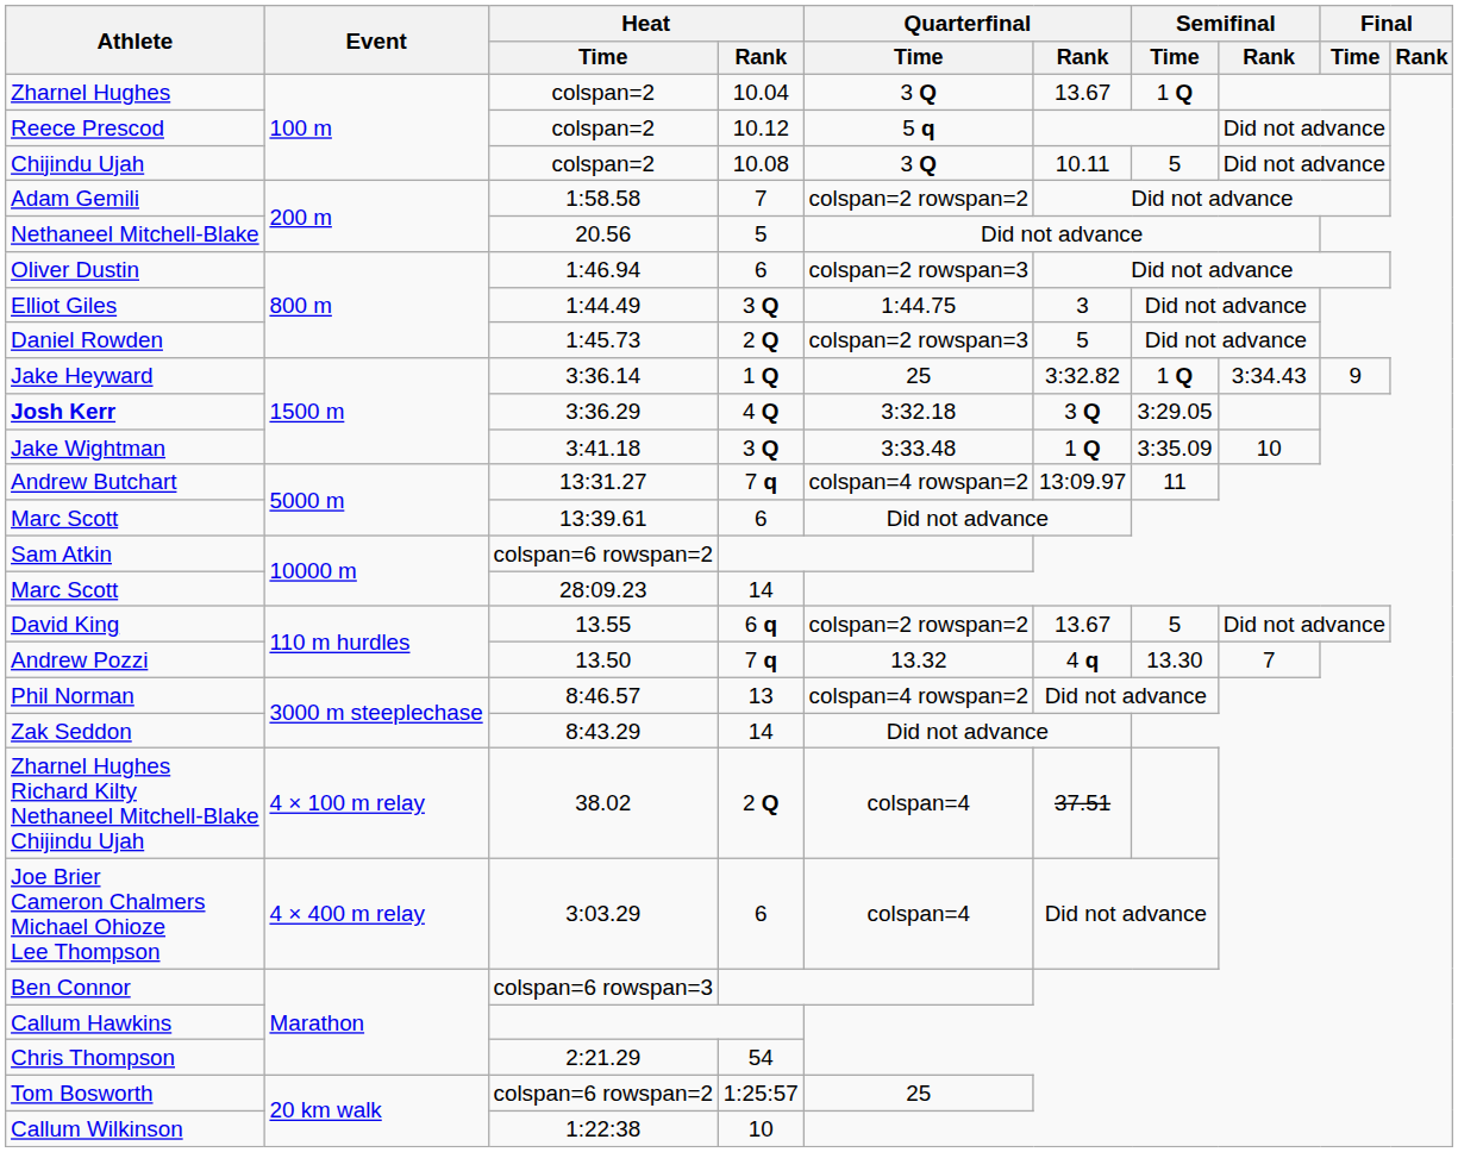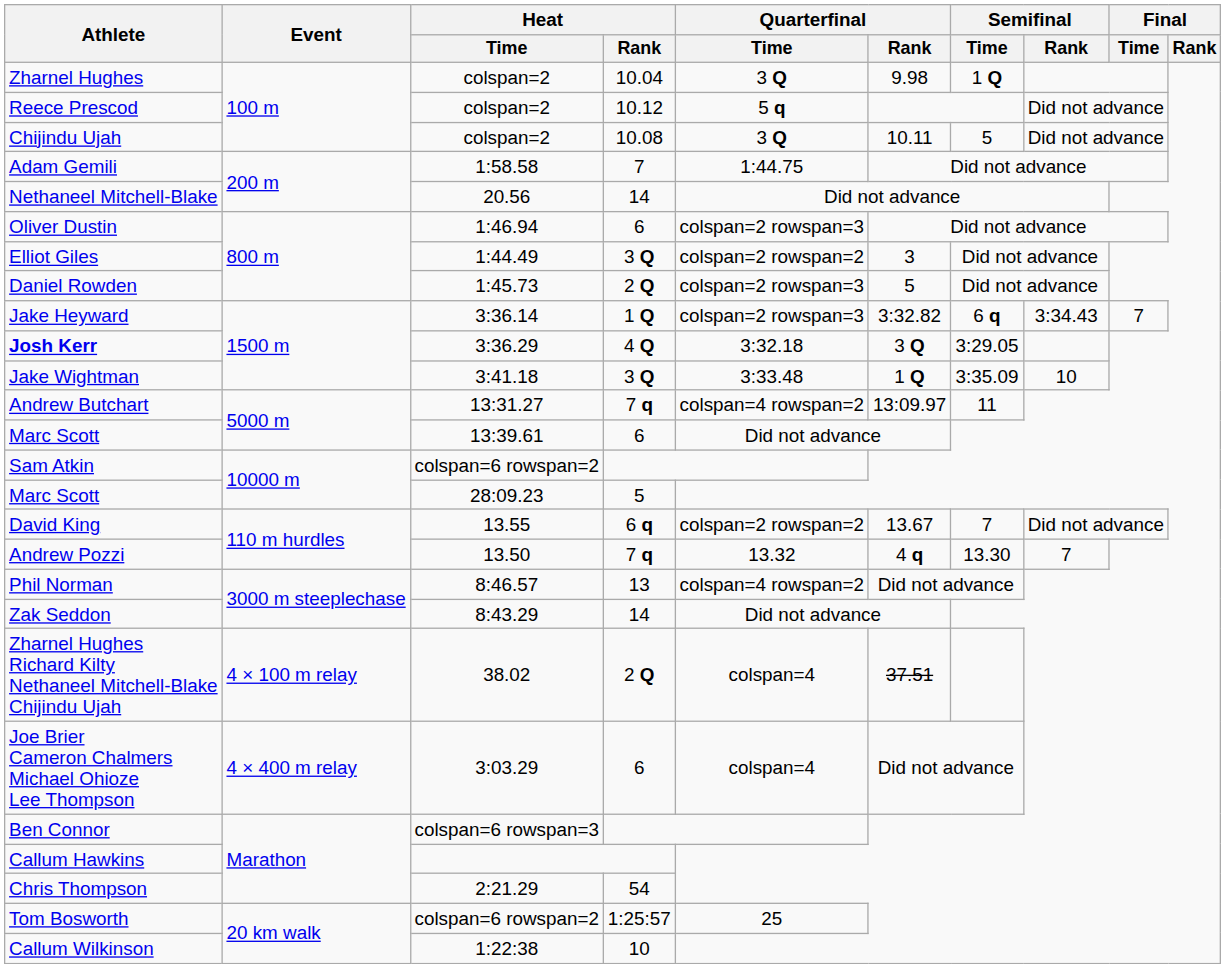 <table class=wikitable style=font-size:90%;text-align:center>
 <tr>
 <th rowspan=2>Athlete</th>
 <th rowspan=2>Event</th>
 <th colspan=2>Heat</th>
 <th colspan=2>Quarterfinal</th>
 <th colspan=2>Semifinal</th>
 <th colspan=2>Final</th>
 </tr>
 <tr style=font-size:95%>
 <th>Time</th>
 <th>Rank</th>
 <th>Time</th>
 <th>Rank</th>
 <th>Time</th>
 <th>Rank</th>
 <th>Time</th>
 <th>Rank</th>
 </tr>
 <tr>
 <td align=left><a href='#'>Zharnel Hughes</a></td>
 <td align=left rowspan=3><a href='#'>100 m</a></td>
 <td>colspan=2 </td>
 <td>10.04</td>
 <td>3 <strong>Q</strong></td>
-<td>13.67</td>
+<td>9.98</td>
 <td>1 <strong>Q</strong></td>
 <td colspan=2></td>
 </tr>
 <tr>
 <td align=left><a href='#'>Reece Prescod</a></td>
 <td>colspan=2 </td>
 <td>10.12</td>
 <td>5 <strong>q</strong></td>
 <td colspan=2></td>
 <td colspan=2>Did not advance</td>
 </tr>
 <tr>
 <td align=left><a href='#'>Chijindu Ujah</a></td>
 <td>colspan=2 </td>
 <td>10.08</td>
 <td>3 <strong>Q</strong></td>
 <td>10.11</td>
 <td>5</td>
 <td colspan=2>Did not advance</td>
 </tr>
 <tr>
 <td align=left><a href='#'>Adam Gemili</a></td>
 <td align=left rowspan=2><a href='#'>200 m</a></td>
 <td>1:58.58</td>
 <td>7</td>
-<td>colspan=2 rowspan=2 </td>
+<td>1:44.75</td>
 <td colspan=4>Did not advance</td>
 </tr>
 <tr>
 <td align=left><a href='#'>Nethaneel Mitchell-Blake</a></td>
 <td>20.56</td>
-<td>5</td>
+<td>14</td>
 <td colspan=4>Did not advance</td>
 </tr>
 <tr>
 <td align=left><a href='#'>Oliver Dustin</a></td>
 <td align=left rowspan=3><a href='#'>800 m</a></td>
 <td>1:46.94</td>
 <td>6</td>
 <td>colspan=2 rowspan=3 </td>
 <td colspan=4>Did not advance</td>
 </tr>
 <tr>
 <td align=left><a href='#'>Elliot Giles</a></td>
 <td>1:44.49</td>
 <td>3 <strong>Q</strong></td>
-<td>1:44.75</td>
+<td>colspan=2 rowspan=2 </td>
 <td>3</td>
 <td colspan=2>Did not advance</td>
 </tr>
 <tr>
 <td align=left><a href='#'>Daniel Rowden</a></td>
 <td>1:45.73</td>
 <td>2 <strong>Q</strong></td>
 <td>colspan=2 rowspan=3 </td>
 <td>5</td>
 <td colspan=2>Did not advance</td>
 </tr>
 <tr>
 <td align=left><a href='#'>Jake Heyward</a></td>
 <td align=left rowspan=3><a href='#'>1500 m</a></td>
 <td>3:36.14</td>
 <td>1 <strong>Q</strong></td>
-<td>25</td>
+<td>colspan=2 rowspan=3 </td>
 <td>3:32.82</td>
-<td>1 <strong>Q</strong></td>
+<td>6 <strong>q</strong></td>
 <td>3:34.43</td>
-<td>9</td>
+<td>7</td>
 </tr>
 <tr>
 <td align=left><strong><a href='#'>Josh Kerr</a></strong></td>
 <td>3:36.29</td>
 <td>4 <strong>Q</strong></td>
 <td>3:32.18</td>
 <td>3 <strong>Q</strong></td>
 <td>3:29.05</td>
 <td></td>
 </tr>
 <tr>
 <td align=left><a href='#'>Jake Wightman</a></td>
 <td>3:41.18</td>
 <td>3 <strong>Q</strong></td>
 <td>3:33.48</td>
 <td>1 <strong>Q</strong></td>
 <td>3:35.09</td>
 <td>10</td>
 </tr>
 <tr>
 <td align=left><a href='#'>Andrew Butchart</a></td>
 <td align=left rowspan=2><a href='#'>5000 m</a></td>
 <td>13:31.27</td>
 <td>7 <strong>q</strong></td>
 <td>colspan=4 rowspan=2 </td>
 <td>13:09.97</td>
 <td>11</td>
 </tr>
 <tr>
 <td align=left><a href='#'>Marc Scott</a></td>
 <td>13:39.61</td>
 <td>6</td>
 <td colspan=2>Did not advance</td>
 </tr>
 <tr>
 <td align=left><a href='#'>Sam Atkin</a></td>
 <td align=left rowspan=2><a href='#'>10000 m</a></td>
 <td>colspan=6 rowspan=2 </td>
 <td colspan=2></td>
 </tr>
 <tr>
 <td align=left><a href='#'>Marc Scott</a></td>
 <td>28:09.23</td>
-<td>14</td>
+<td>5</td>
 </tr>
 <tr>
 <td align=left><a href='#'>David King</a></td>
 <td align=left rowspan=2><a href='#'>110 m hurdles</a></td>
 <td>13.55</td>
 <td>6 <strong>q</strong></td>
 <td>colspan=2 rowspan=2 </td>
 <td>13.67</td>
-<td>5</td>
+<td>7</td>
 <td colspan=2>Did not advance</td>
 </tr>
 <tr>
 <td align=left><a href='#'>Andrew Pozzi</a></td>
 <td>13.50</td>
 <td>7 <strong>q</strong></td>
 <td>13.32</td>
 <td>4 <strong>q</strong></td>
 <td>13.30</td>
 <td>7</td>
 </tr>
 <tr>
 <td align=left><a href='#'>Phil Norman</a></td>
 <td align=left rowspan=2><a href='#'>3000 m steeplechase</a></td>
 <td>8:46.57</td>
 <td>13</td>
 <td>colspan=4 rowspan=2 </td>
 <td colspan=2>Did not advance</td>
 </tr>
 <tr>
 <td align=left><a href='#'>Zak Seddon</a></td>
 <td>8:43.29</td>
 <td>14</td>
 <td colspan=2>Did not advance</td>
 </tr>
 <tr>
 <td align=left><a href='#'>Zharnel Hughes</a><br><a href='#'>Richard Kilty</a><br><a href='#'>Nethaneel Mitchell-Blake</a><br><a href='#'>Chijindu Ujah</a></td>
 <td align=left><a href='#'>4 × 100 m relay</a></td>
 <td>38.02</td>
 <td>2 <strong>Q</strong></td>
 <td>colspan=4 </td>
 <td><s>37.51</s></td>
 <td></td>
 </tr>
 <tr>
 <td align=left><a href='#'>Joe Brier</a><br><a href='#'>Cameron Chalmers</a><br><a href='#'>Michael Ohioze</a><br><a href='#'>Lee Thompson</a></td>
 <td align=left><a href='#'>4 × 400 m relay</a></td>
 <td>3:03.29</td>
 <td>6</td>
 <td>colspan=4 </td>
 <td colspan=2>Did not advance</td>
 </tr>
 <tr>
 <td align=left><a href='#'>Ben Connor</a></td>
 <td align=left rowspan=3><a href='#'>Marathon</a></td>
 <td>colspan=6 rowspan=3 </td>
 <td colspan=2></td>
 </tr>
 <tr>
 <td align=left><a href='#'>Callum Hawkins</a></td>
 <td colspan=2></td>
 </tr>
 <tr>
 <td align=left><a href='#'>Chris Thompson</a></td>
 <td>2:21.29</td>
 <td>54</td>
 </tr>
 <tr>
 <td align=left><a href='#'>Tom Bosworth</a></td>
 <td align=left rowspan=2><a href='#'>20 km walk</a></td>
 <td>colspan=6 rowspan=2 </td>
 <td>1:25:57</td>
 <td>25</td>
 </tr>
 <tr>
 <td align=left><a href='#'>Callum Wilkinson</a></td>
 <td>1:22:38</td>
 <td>10</td>
 </tr>
 </table>
